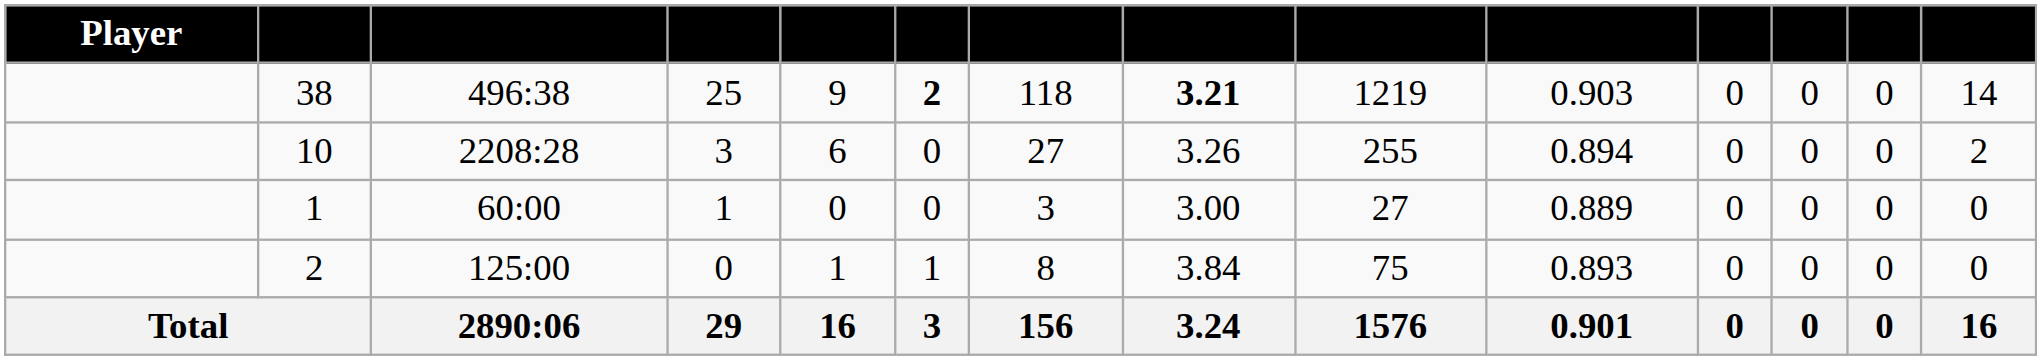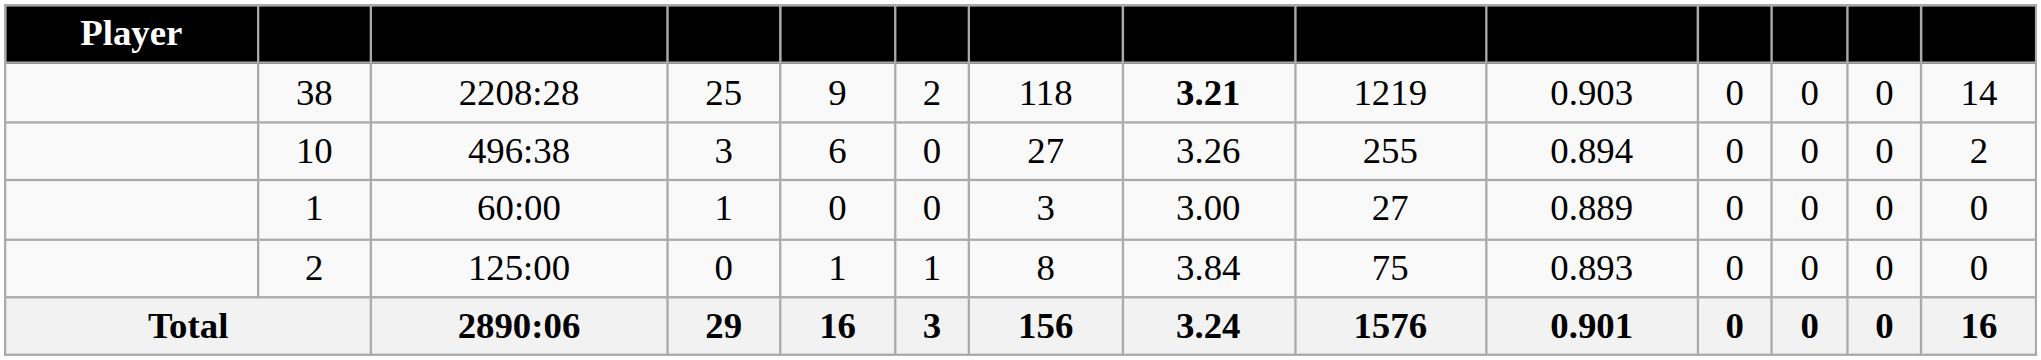 <table class="wikitable sortable" style="width:100%; text-align:center;">
 <tr>
 <th style="color:white; background:#000000; ">Player</th>
 <th style="color:white; background:#000000; "></th>
 <th style="color:white; background:#000000; "></th>
 <th style="color:white; background:#000000; "></th>
 <th style="color:white; background:#000000; "></th>
 <th style="color:white; background:#000000; "></th>
 <th style="color:white; background:#000000; "></th>
 <th style="color:white; background:#000000; "></th>
 <th style="color:white; background:#000000; "></th>
 <th style="color:white; background:#000000; "></th>
 <th style="color:white; background:#000000; "></th>
 <th style="color:white; background:#000000; "></th>
 <th style="color:white; background:#000000; "></th>
 <th style="color:white; background:#000000; "></th>
 </tr>
 <tr>
 <td></td>
 <td>38</td>
-<td>496:38</td>
+<td>2208:28</td>
 <td>25</td>
 <td>9</td>
-<td><strong>2</strong></td>
+<td>2</td>
 <td>118</td>
 <td><strong>3.21</strong></td>
 <td>1219</td>
 <td>0.903</td>
 <td>0</td>
 <td>0</td>
 <td>0</td>
 <td>14</td>
 </tr>
 <tr>
 <td></td>
 <td>10</td>
-<td>2208:28</td>
+<td>496:38</td>
 <td>3</td>
 <td>6</td>
 <td>0</td>
 <td>27</td>
 <td>3.26</td>
 <td>255</td>
 <td>0.894</td>
 <td>0</td>
 <td>0</td>
 <td>0</td>
 <td>2</td>
 </tr>
 <tr>
 <td></td>
 <td>1</td>
 <td>60:00</td>
 <td>1</td>
 <td>0</td>
 <td>0</td>
 <td>3</td>
 <td>3.00</td>
 <td>27</td>
 <td>0.889</td>
 <td>0</td>
 <td>0</td>
 <td>0</td>
 <td>0</td>
 </tr>
 <tr>
 <td></td>
 <td>2</td>
 <td>125:00</td>
 <td>0</td>
 <td>1</td>
 <td>1</td>
 <td>8</td>
 <td>3.84</td>
 <td>75</td>
 <td>0.893</td>
 <td>0</td>
 <td>0</td>
 <td>0</td>
 <td>0</td>
 </tr>
 <tr class="sortbotom">
 <th colspan=2>Total</th>
 <th>2890:06</th>
 <th>29</th>
 <th>16</th>
 <th>3</th>
 <th>156</th>
 <th>3.24</th>
 <th>1576</th>
 <th>0.901</th>
 <th>0</th>
 <th>0</th>
 <th>0</th>
 <th>16</th>
 </tr>
 </table>
